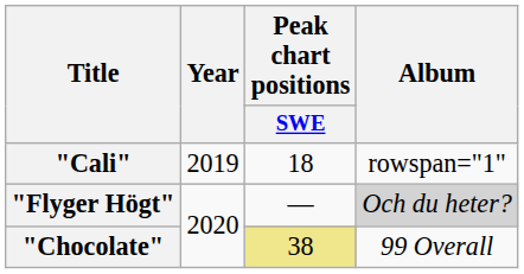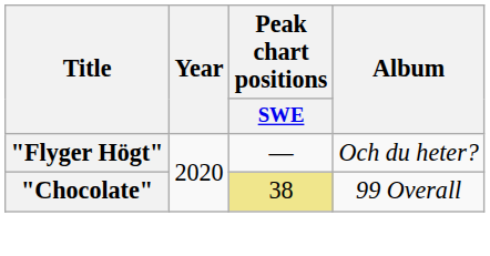 <table class="wikitable plainrowheaders" style="text-align:center">
 <tr>
 <th scope="col" rowspan="2">Title</th>
 <th scope="col" rowspan="2">Year</th>
 <th scope="col" colspan="1">Peak chart positions</th>
 <th scope="col" rowspan="2">Album</th>
 </tr>
 <tr>
 <th scope="col" style="width:3em;font-size:85%;"><a href='#'>SWE</a><br></th>
 </tr>
 <tr>
-<th scope="row">"Cali" </th>
-<td>2019</td>
-<td>18<br></td>
-<td>rowspan="1"</td>
-</tr>
-<tr>
 <th scope="row">"Flyger Högt" </th>
 <td rowspan="2">2020</td>
 <td>—</td>
-<td style="background: lightgrey;"><em>Och du heter?</em></td>
+<td><em>Och du heter?</em></td>
 </tr>
 <tr>
 <th scope="row">"Chocolate" </th>
 <td style="background: khaki;">38<br></td>
 <td><em>99 Overall</em></td>
 </tr>
 </table>
